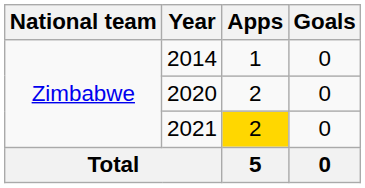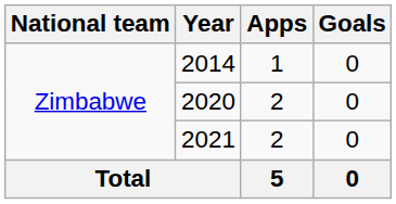 <table class="wikitable" style="text-align: center;">
 <tr>
 <th>National team</th>
 <th>Year</th>
 <th>Apps</th>
 <th>Goals</th>
 </tr>
 <tr>
 <td rowspan="3"><a href='#'>Zimbabwe</a></td>
 <td>2014</td>
 <td>1</td>
 <td>0</td>
 </tr>
 <tr>
 <td>2020</td>
 <td>2</td>
 <td>0</td>
 </tr>
 <tr>
 <td>2021</td>
-<td style="background: gold;">2</td>
+<td>2</td>
 <td>0</td>
 </tr>
 <tr>
 <th colspan="2">Total</th>
 <th>5</th>
 <th>0</th>
 </tr>
 </table>
